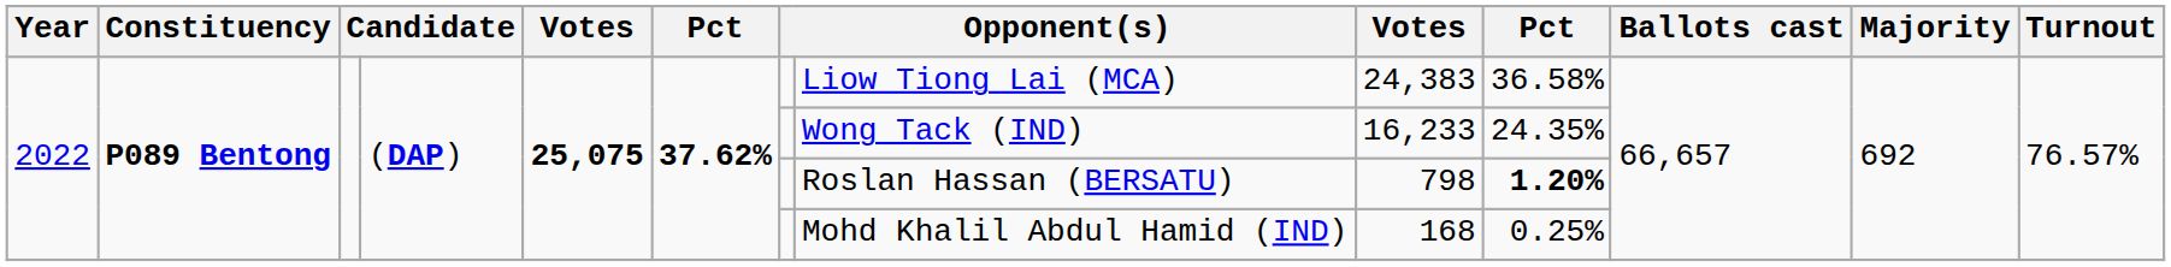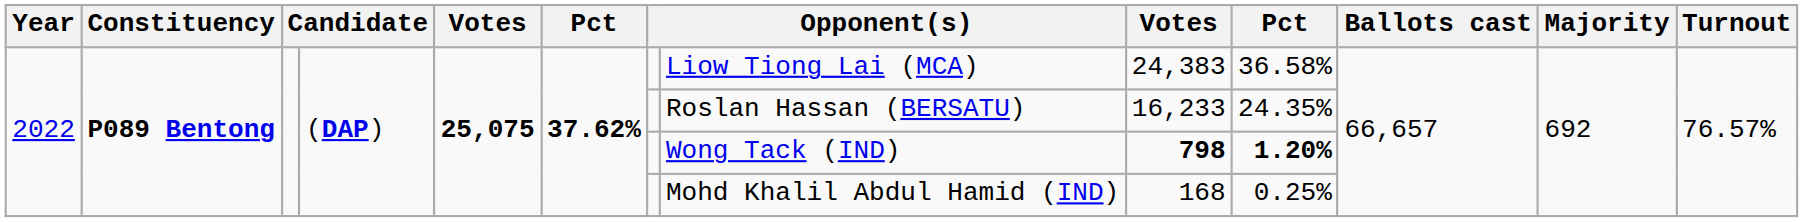 <table class="wikitable" style="margin:0.5em ; font-size:95%">
 <tr>
 <th>Year</th>
 <th>Constituency</th>
 <th colspan=2>Candidate</th>
 <th>Votes</th>
 <th>Pct</th>
 <th colspan=2>Opponent(s)</th>
 <th>Votes</th>
 <th>Pct</th>
 <th>Ballots cast</th>
 <th>Majority</th>
 <th>Turnout</th>
 </tr>
 <tr>
 <td rowspan="4"><a href='#'>2022</a></td>
 <td rowspan="4"><strong>P089 <a href='#'>Bentong</a></strong></td>
 <td rowspan="4" ></td>
 <td rowspan="4"> (<a href='#'><strong>DAP</strong></a>)</td>
 <td rowspan="4" align="right"><strong>25,075</strong></td>
 <td rowspan="4"><strong>37.62%</strong></td>
 <td></td>
 <td><a href='#'>Liow Tiong Lai</a> (<a href='#'>MCA</a>)</td>
 <td align="right">24,383</td>
 <td>36.58%</td>
 <td rowspan="4">66,657</td>
 <td rowspan="4">692</td>
 <td rowspan="4">76.57%</td>
 </tr>
 <tr>
 <td bgcolor=></td>
-<td><a href='#'>Wong Tack</a> (<a href='#'>IND</a>)</td>
+<td>Roslan Hassan (<a href='#'>BERSATU</a>)</td>
 <td align="right">16,233</td>
 <td>24.35%</td>
 </tr>
 <tr>
 <td></td>
-<td>Roslan Hassan (<a href='#'>BERSATU</a>)</td>
-<td align=right>798</td>
+<td><a href='#'>Wong Tack</a> (<a href='#'>IND</a>)</td>
+<td align=right><strong>798</strong></td>
 <td align=right><strong>1.20%</strong></td>
 </tr>
 <tr>
 <td></td>
 <td>Mohd Khalil Abdul Hamid (<a href='#'>IND</a>)</td>
 <td align=right>168</td>
 <td align=right>0.25%</td>
 </tr>
 </table>
